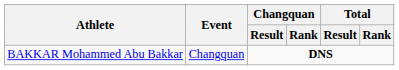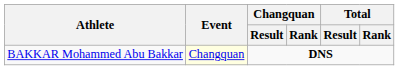 <table class=wikitable style="font-size:90%">
 <tr>
 <th rowspan="2">Athlete</th>
 <th rowspan="2">Event</th>
 <th colspan="2">Changquan</th>
 <th colspan="2">Total</th>
 </tr>
 <tr>
 <th>Result</th>
 <th>Rank</th>
 <th>Result</th>
 <th>Rank</th>
 </tr>
 <tr>
 <td><a href='#'>BAKKAR Mohammed Abu Bakkar</a></td>
-<td><a href='#'>Changquan</a></td>
+<td style="background: lightyellow;"><a href='#'>Changquan</a></td>
 <td align=center colspan=4><strong>DNS</strong></td>
 </tr>
 </table>
